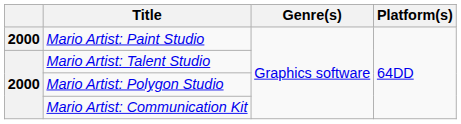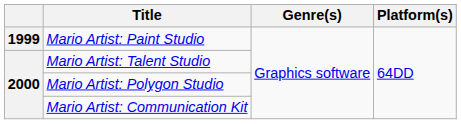 <table class="wikitable sortable">
 <tr>
 <th scope="col"></th>
 <th scope="col">Title</th>
 <th scope="col">Genre(s)</th>
 <th scope="col">Platform(s)<br> </th>
 </tr>
 <tr>
-<th scope="row" rowspan="1">2000</th>
+<th scope="row" rowspan="1">1999</th>
 <td><em><a href='#'>Mario Artist: Paint Studio</a></em></td>
 <td rowspan="4"><a href='#'>Graphics software</a></td>
 <td rowspan="4"><a href='#'>64DD</a><br> </td>
 </tr>
 <tr>
 <th scope="row" rowspan="3">2000</th>
 <td><em><a href='#'>Mario Artist: Talent Studio</a></em><br></td>
 </tr>
 <tr>
 <td><em><a href='#'>Mario Artist: Polygon Studio</a></em><br></td>
 </tr>
 <tr>
 <td><em><a href='#'>Mario Artist: Communication Kit</a></em></td>
 </tr>
 </table>
